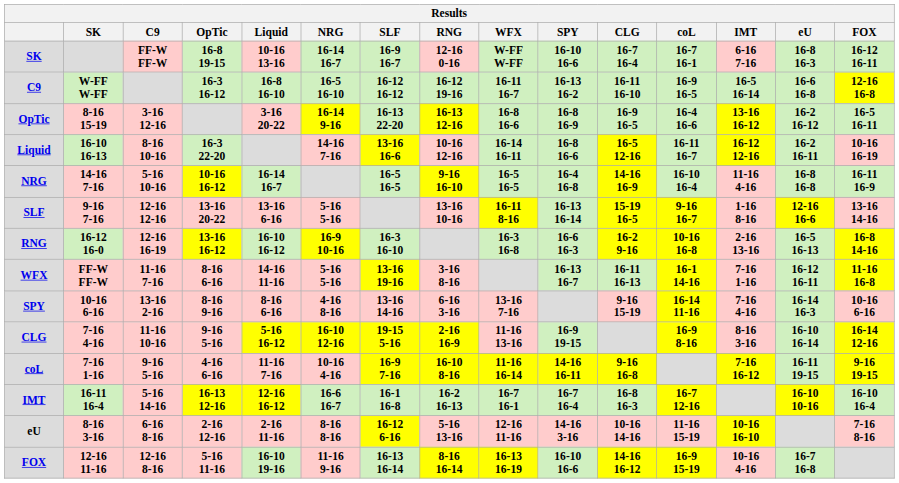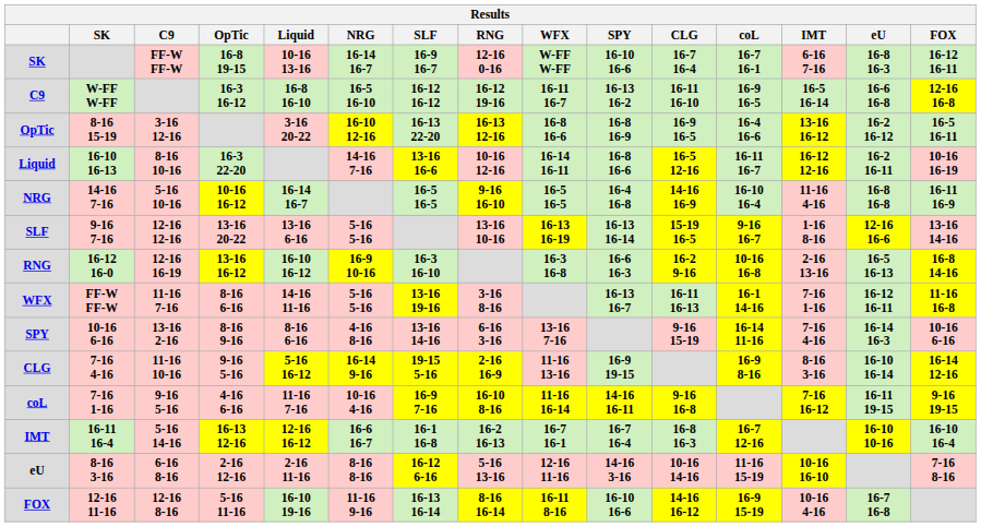 <table class="wikitable" style="text-align: center;">
 <tr>
 <th colspan=15>Results</th>
 </tr>
 <tr>
 <th width="75px"></th>
 <th width="75px">SK</th>
 <th width="75px">C9</th>
 <th width="75px">OpTic</th>
 <th width="75px">Liquid</th>
 <th width="75px">NRG</th>
 <th width="75px">SLF</th>
 <th width="75px">RNG</th>
 <th width="75px">WFX</th>
 <th width="75px">SPY</th>
 <th width="75px">CLG</th>
 <th width="75px">coL</th>
 <th width="75px">IMT</th>
 <th width="75px">eU</th>
 <th width="75px">FOX</th>
 </tr>
 <tr>
 <td style="background: #DCDCDC;"><strong><a href='#'>SK</a></strong></td>
 <td style="background: #DCDCDC;"></td>
 <td style="background: #FFCCCC;"><strong>FF-W<br>FF-W</strong></td>
 <td style="background: #D0F0C0;"><strong>16-8<br>19-15</strong></td>
 <td style="background: #FFCCCC;"><strong>10-16<br>13-16</strong></td>
 <td style="background: #D0F0C0;"><strong>16-14<br>16-7</strong></td>
 <td style="background: #D0F0C0;"><strong>16-9<br>16-7</strong></td>
 <td style="background: #FFCCCC;"><strong>12-16<br>0-16</strong></td>
 <td style="background: #D0F0C0;"><strong>W-FF<br>W-FF</strong></td>
 <td style="background: #D0F0C0;"><strong>16-10<br>16-6</strong></td>
 <td style="background: #D0F0C0;"><strong>16-7<br>16-4</strong></td>
 <td style="background: #D0F0C0;"><strong>16-7<br>16-1</strong></td>
 <td style="background: #FFCCCC;"><strong>6-16<br>7-16</strong></td>
 <td style="background: #D0F0C0;"><strong>16-8<br>16-3</strong></td>
 <td style="background: #D0F0C0;"><strong>16-12<br>16-11</strong></td>
 </tr>
 <tr>
 <td style="background: #DCDCDC;"><strong><a href='#'>C9</a></strong></td>
 <td style="background: #D0F0C0;"><strong>W-FF<br>W-FF</strong></td>
 <td style="background: #DCDCDC;"></td>
 <td style="background: #D0F0C0;"><strong>16-3<br>16-12</strong></td>
 <td style="background: #D0F0C0;"><strong>16-8<br>16-10</strong></td>
 <td style="background: #D0F0C0;"><strong>16-5<br>16-10</strong></td>
 <td style="background: #D0F0C0;"><strong>16-12<br>16-12</strong></td>
 <td style="background: #D0F0C0;"><strong>16-12<br>19-16</strong></td>
 <td style="background: #D0F0C0;"><strong>16-11<br>16-7</strong></td>
 <td style="background: #D0F0C0;"><strong>16-13<br>16-2</strong></td>
 <td style="background: #D0F0C0;"><strong>16-11<br>16-10</strong></td>
 <td style="background: #D0F0C0;"><strong>16-9<br>16-5</strong></td>
 <td style="background: #D0F0C0;"><strong>16-5<br>16-14</strong></td>
 <td style="background: #D0F0C0;"><strong>16-6<br>16-8</strong></td>
 <td style="background: #FFFF00;"><strong>12-16<br>16-8</strong></td>
 </tr>
 <tr>
 <td style="background: #DCDCDC;"><strong><a href='#'>OpTic</a></strong></td>
 <td style="background: #FFCCCC;"><strong>8-16<br>15-19</strong></td>
 <td style="background: #FFCCCC;"><strong>3-16<br>12-16</strong></td>
 <td style="background: #DCDCDC;"></td>
 <td style="background: #FFCCCC;"><strong>3-16<br>20-22</strong></td>
-<td style="background: #FFFF00;"><strong>16-14<br>9-16</strong></td>
+<td style="background: #FFFF00;"><strong>16-10<br>12-16</strong></td>
 <td style="background: #D0F0C0;"><strong>16-13<br>22-20</strong></td>
 <td style="background: #FFFF00;"><strong>16-13<br>12-16</strong></td>
 <td style="background: #D0F0C0;"><strong>16-8<br>16-6</strong></td>
 <td style="background: #D0F0C0;"><strong>16-8<br>16-9</strong></td>
 <td style="background: #D0F0C0;"><strong>16-9<br>16-5</strong></td>
 <td style="background: #D0F0C0;"><strong>16-4<br>16-6</strong></td>
 <td style="background: #FFFF00;"><strong>13-16<br>16-12</strong></td>
 <td style="background: #D0F0C0;"><strong>16-2<br>16-12</strong></td>
 <td style="background: #D0F0C0;"><strong>16-5<br>16-11</strong></td>
 </tr>
 <tr>
 <td style="background: #DCDCDC;"><strong><a href='#'>Liquid</a></strong></td>
 <td style="background: #D0F0C0;"><strong>16-10<br>16-13</strong></td>
 <td style="background: #FFCCCC;"><strong>8-16<br>10-16</strong></td>
 <td style="background: #D0F0C0;"><strong>16-3<br>22-20</strong></td>
 <td style="background: #DCDCDC;"></td>
 <td style="background: #FFCCCC;"><strong>14-16<br>7-16</strong></td>
 <td style="background: #FFFF00;"><strong>13-16<br>16-6</strong></td>
 <td style="background: #FFCCCC;"><strong>10-16<br>12-16</strong></td>
 <td style="background: #D0F0C0;"><strong>16-14<br>16-11</strong></td>
 <td style="background: #D0F0C0;"><strong>16-8<br>16-6</strong></td>
 <td style="background: #FFFF00;"><strong>16-5<br>12-16</strong></td>
 <td style="background: #D0F0C0;"><strong>16-11<br>16-7</strong></td>
 <td style="background: #FFFF00;"><strong>16-12<br>12-16</strong></td>
 <td style="background: #D0F0C0;"><strong>16-2<br>16-11</strong></td>
 <td style="background: #FFCCCC;"><strong>10-16<br>16-19</strong></td>
 </tr>
 <tr>
 <td style="background: #DCDCDC;"><strong><a href='#'>NRG</a></strong></td>
 <td style="background: #FFCCCC;"><strong>14-16<br>7-16</strong></td>
 <td style="background: #FFCCCC;"><strong>5-16<br>10-16</strong></td>
 <td style="background: #FFFF00;"><strong>10-16<br>16-12</strong></td>
 <td style="background: #D0F0C0;"><strong>16-14<br>16-7</strong></td>
 <td style="background: #DCDCDC;"></td>
 <td style="background: #D0F0C0;"><strong>16-5<br>16-5</strong></td>
 <td style="background: #FFFF00;"><strong>9-16<br>16-10</strong></td>
 <td style="background: #D0F0C0;"><strong>16-5<br>16-5</strong></td>
 <td style="background: #D0F0C0;"><strong>16-4<br>16-8</strong></td>
 <td style="background: #FFFF00;"><strong>14-16<br>16-9</strong></td>
 <td style="background: #D0F0C0;"><strong>16-10<br>16-4</strong></td>
 <td style="background: #FFCCCC;"><strong>11-16<br>4-16</strong></td>
 <td style="background: #D0F0C0;"><strong>16-8<br>16-8</strong></td>
 <td style="background: #D0F0C0;"><strong>16-11<br>16-9</strong></td>
 </tr>
 <tr>
 <td style="background: #DCDCDC;"><strong><a href='#'>SLF</a></strong></td>
 <td style="background: #FFCCCC;"><strong>9-16<br>7-16</strong></td>
 <td style="background: #FFCCCC;"><strong>12-16<br>12-16</strong></td>
 <td style="background: #FFCCCC;"><strong>13-16<br>20-22</strong></td>
 <td style="background: #FFCCCC;"><strong>13-16<br>6-16</strong></td>
 <td style="background: #FFCCCC;"><strong>5-16<br>5-16</strong></td>
 <td style="background: #DCDCDC;"></td>
 <td style="background: #FFCCCC;"><strong>13-16<br>10-16</strong></td>
-<td style="background: #FFFF00;"><strong>16-11<br>8-16</strong></td>
+<td style="background: #FFFF00;"><strong>16-13<br>16-19</strong></td>
 <td style="background: #D0F0C0;"><strong>16-13<br>16-14</strong></td>
 <td style="background: #FFFF00;"><strong>15-19<br>16-5</strong></td>
 <td style="background: #FFFF00;"><strong>9-16<br>16-7</strong></td>
 <td style="background: #FFCCCC;"><strong>1-16<br>8-16</strong></td>
 <td style="background: #FFFF00;"><strong>12-16<br>16-6</strong></td>
 <td style="background: #FFCCCC;"><strong>13-16<br>14-16</strong></td>
 </tr>
 <tr>
 <td style="background: #DCDCDC;"><strong><a href='#'>RNG</a></strong></td>
 <td style="background: #D0F0C0;"><strong>16-12<br>16-0</strong></td>
 <td style="background: #FFCCCC;"><strong>12-16<br>16-19</strong></td>
 <td style="background: #FFFF00;"><strong>13-16<br>16-12</strong></td>
 <td style="background: #D0F0C0;"><strong>16-10<br>16-12</strong></td>
 <td style="background: #FFFF00;"><strong>16-9<br>10-16</strong></td>
 <td style="background: #D0F0C0;"><strong>16-3<br>16-10</strong></td>
 <td style="background: #DCDCDC;"></td>
 <td style="background: #D0F0C0;"><strong>16-3<br>16-8</strong></td>
 <td style="background: #D0F0C0;"><strong>16-6<br>16-3</strong></td>
 <td style="background: #FFFF00;"><strong>16-2<br>9-16</strong></td>
 <td style="background: #FFFF00;"><strong>10-16<br>16-8</strong></td>
 <td style="background: #FFCCCC;"><strong>2-16<br>13-16</strong></td>
 <td style="background: #D0F0C0;"><strong>16-5<br>16-13</strong></td>
 <td style="background: #FFFF00;"><strong>16-8<br>14-16</strong></td>
 </tr>
 <tr>
 <td style="background: #DCDCDC;"><strong><a href='#'>WFX</a></strong></td>
 <td style="background: #FFCCCC;"><strong>FF-W<br>FF-W</strong></td>
 <td style="background: #FFCCCC;"><strong>11-16<br>7-16</strong></td>
 <td style="background: #FFCCCC;"><strong>8-16<br>6-16</strong></td>
 <td style="background: #FFCCCC;"><strong>14-16<br>11-16</strong></td>
 <td style="background: #FFCCCC;"><strong>5-16<br>5-16</strong></td>
 <td style="background: #FFFF00;"><strong>13-16<br>19-16</strong></td>
 <td style="background: #FFCCCC;"><strong>3-16<br>8-16</strong></td>
 <td style="background: #DCDCDC;"></td>
 <td style="background: #D0F0C0;"><strong>16-13<br>16-7</strong></td>
 <td style="background: #D0F0C0;"><strong>16-11<br>16-13</strong></td>
 <td style="background: #FFFF00;"><strong>16-1<br>14-16</strong></td>
 <td style="background: #FFCCCC;"><strong>7-16<br>1-16</strong></td>
 <td style="background: #D0F0C0;"><strong>16-12<br>16-11</strong></td>
 <td style="background: #FFFF00;"><strong>11-16<br>16-8</strong></td>
 </tr>
 <tr>
 <td style="background: #DCDCDC;"><strong><a href='#'>SPY</a></strong></td>
 <td style="background: #FFCCCC;"><strong>10-16<br>6-16</strong></td>
 <td style="background: #FFCCCC;"><strong>13-16<br>2-16</strong></td>
 <td style="background: #FFCCCC;"><strong>8-16<br>9-16</strong></td>
 <td style="background: #FFCCCC;"><strong>8-16<br>6-16</strong></td>
 <td style="background: #FFCCCC;"><strong>4-16<br>8-16</strong></td>
 <td style="background: #FFCCCC;"><strong>13-16<br>14-16</strong></td>
 <td style="background: #FFCCCC;"><strong>6-16<br>3-16</strong></td>
 <td style="background: #FFCCCC;"><strong>13-16<br>7-16</strong></td>
 <td style="background: #DCDCDC;"></td>
 <td style="background: #FFCCCC;"><strong>9-16<br>15-19</strong></td>
 <td style="background: #FFFF00;"><strong>16-14<br>11-16</strong></td>
 <td style="background: #FFCCCC;"><strong>7-16<br>4-16</strong></td>
 <td style="background: #D0F0C0;"><strong>16-14<br>16-3</strong></td>
 <td style="background: #FFCCCC;"><strong>10-16<br>6-16</strong></td>
 </tr>
 <tr>
 <td style="background: #DCDCDC;"><strong><a href='#'>CLG</a></strong></td>
 <td style="background: #FFCCCC;"><strong>7-16<br>4-16</strong></td>
 <td style="background: #FFCCCC;"><strong>11-16<br>10-16</strong></td>
 <td style="background: #FFCCCC;"><strong>9-16<br>5-16</strong></td>
 <td style="background: #FFFF00;"><strong>5-16<br>16-12</strong></td>
-<td style="background: #FFFF00;"><strong>16-10<br>12-16</strong></td>
+<td style="background: #FFFF00;"><strong>16-14<br>9-16</strong></td>
 <td style="background: #FFFF00;"><strong>19-15<br>5-16</strong></td>
 <td style="background: #FFFF00;"><strong>2-16<br>16-9</strong></td>
 <td style="background: #FFCCCC;"><strong>11-16<br>13-16</strong></td>
 <td style="background: #D0F0C0;"><strong>16-9<br>19-15</strong></td>
 <td style="background: #DCDCDC;"></td>
 <td style="background: #FFFF00;"><strong>16-9<br>8-16</strong></td>
 <td style="background: #FFCCCC;"><strong>8-16<br>3-16</strong></td>
 <td style="background: #D0F0C0;"><strong>16-10<br>16-14</strong></td>
 <td style="background: #FFFF00;"><strong>16-14<br>12-16</strong></td>
 </tr>
 <tr>
 <td style="background: #DCDCDC;"><strong><a href='#'>coL</a></strong></td>
 <td style="background: #FFCCCC;"><strong>7-16<br>1-16</strong></td>
 <td style="background: #FFCCCC;"><strong>9-16<br>5-16</strong></td>
 <td style="background: #FFCCCC;"><strong>4-16<br>6-16</strong></td>
 <td style="background: #FFCCCC;"><strong>11-16<br>7-16</strong></td>
 <td style="background: #FFCCCC;"><strong>10-16<br>4-16</strong></td>
 <td style="background: #FFFF00;"><strong>16-9<br>7-16</strong></td>
 <td style="background: #FFFF00;"><strong>16-10<br>8-16</strong></td>
 <td style="background: #FFFF00;"><strong>11-16<br>16-14</strong></td>
 <td style="background: #FFFF00;"><strong>14-16<br>16-11</strong></td>
 <td style="background: #FFFF00;"><strong>9-16<br>16-8</strong></td>
 <td style="background: #DCDCDC;"></td>
 <td style="background: #FFFF00;"><strong>7-16<br>16-12</strong></td>
 <td style="background: #D0F0C0;"><strong>16-11<br>19-15</strong></td>
 <td style="background: #FFFF00;"><strong>9-16<br>19-15</strong></td>
 </tr>
 <tr>
 <td style="background: #DCDCDC;"><strong><a href='#'>IMT</a></strong></td>
 <td style="background: #D0F0C0;"><strong>16-11<br>16-4</strong></td>
 <td style="background: #FFCCCC;"><strong>5-16<br>14-16</strong></td>
 <td style="background: #FFFF00;"><strong>16-13<br>12-16</strong></td>
 <td style="background: #FFFF00;"><strong>12-16<br>16-12</strong></td>
 <td style="background: #D0F0C0;"><strong>16-6<br>16-7</strong></td>
 <td style="background: #D0F0C0;"><strong>16-1<br>16-8</strong></td>
 <td style="background: #D0F0C0;"><strong>16-2<br>16-13</strong></td>
 <td style="background: #D0F0C0;"><strong>16-7<br>16-1</strong></td>
 <td style="background: #D0F0C0;"><strong>16-7<br>16-4</strong></td>
 <td style="background: #D0F0C0;"><strong>16-8<br>16-3</strong></td>
 <td style="background: #FFFF00;"><strong>16-7<br>12-16</strong></td>
 <td style="background: #DCDCDC;"></td>
 <td style="background: #FFFF00;"><strong>16-10<br>10-16</strong></td>
 <td style="background: #D0F0C0;"><strong>16-10<br>16-4</strong></td>
 </tr>
 <tr>
 <td style="background: #DCDCDC;"><strong>eU</strong></td>
 <td style="background: #FFCCCC;"><strong>8-16<br>3-16</strong></td>
 <td style="background: #FFCCCC;"><strong>6-16<br>8-16</strong></td>
 <td style="background: #FFCCCC;"><strong>2-16<br>12-16</strong></td>
 <td style="background: #FFCCCC;"><strong>2-16<br>11-16</strong></td>
 <td style="background: #FFCCCC;"><strong>8-16<br>8-16</strong></td>
 <td style="background: #FFFF00;"><strong>16-12<br>6-16</strong></td>
 <td style="background: #FFCCCC;"><strong>5-16<br>13-16</strong></td>
 <td style="background: #FFCCCC;"><strong>12-16<br>11-16</strong></td>
 <td style="background: #FFCCCC;"><strong>14-16<br>3-16</strong></td>
 <td style="background: #FFCCCC;"><strong>10-16<br>14-16</strong></td>
 <td style="background: #FFCCCC;"><strong>11-16<br>15-19</strong></td>
 <td style="background: #FFFF00;"><strong>10-16<br>16-10</strong></td>
 <td style="background: #DCDCDC;"></td>
 <td style="background: #FFCCCC;"><strong>7-16<br>8-16</strong></td>
 </tr>
 <tr>
 <td style="background: #DCDCDC;"><strong><a href='#'>FOX</a></strong></td>
 <td style="background: #FFCCCC;"><strong>12-16<br>11-16</strong></td>
 <td style="background: #FFCCCC;"><strong>12-16<br>8-16</strong></td>
 <td style="background: #FFCCCC;"><strong>5-16<br>11-16</strong></td>
 <td style="background: #D0F0C0;"><strong>16-10<br>19-16</strong></td>
 <td style="background: #FFCCCC;"><strong>11-16<br>9-16</strong></td>
 <td style="background: #D0F0C0;"><strong>16-13<br>16-14</strong></td>
 <td style="background: #FFFF00;"><strong>8-16<br>16-14</strong></td>
-<td style="background: #FFFF00;"><strong>16-13<br>16-19</strong></td>
+<td style="background: #FFFF00;"><strong>16-11<br>8-16</strong></td>
 <td style="background: #D0F0C0;"><strong>16-10<br>16-6</strong></td>
 <td style="background: #FFFF00;"><strong>14-16<br>16-12</strong></td>
 <td style="background: #FFFF00;"><strong>16-9<br>15-19</strong></td>
 <td style="background: #FFCCCC;"><strong>10-16<br>4-16</strong></td>
 <td style="background: #D0F0C0;"><strong>16-7<br>16-8</strong></td>
 <td style="background: #DCDCDC;"></td>
 </tr>
 </table>
